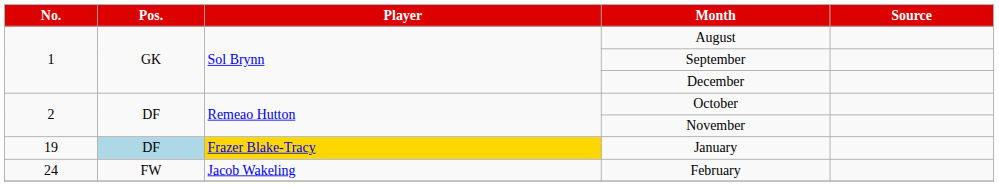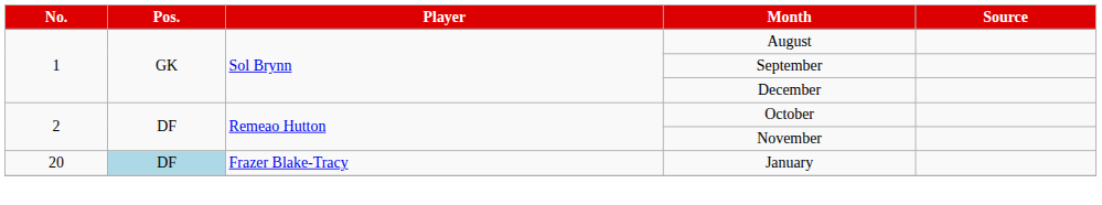 <table class="wikitable" style="text-align:center;width:90%;">
 <tr>
 <th style="background:#DD0000;color:#fff;">No.</th>
 <th style="background:#DD0000;color:#fff;">Pos.</th>
 <th style="background:#DD0000;color:#fff;">Player</th>
 <th style="background:#DD0000;color:#fff;">Month</th>
 <th style="background:#DD0000;color:#fff;">Source</th>
 </tr>
 <tr>
 <td rowspan=3>1</td>
 <td rowspan=3>GK</td>
 <td rowspan=3; align=left> <a href='#'>Sol Brynn</a></td>
 <td>August</td>
 <td></td>
 </tr>
 <tr>
 <td>September</td>
 <td></td>
 </tr>
 <tr>
 <td>December</td>
 <td></td>
 </tr>
 <tr>
 <td rowspan=2>2</td>
 <td rowspan=2>DF</td>
 <td rowspan=2; align=left> <a href='#'>Remeao Hutton</a></td>
 <td>October</td>
 <td></td>
 </tr>
 <tr>
 <td>November</td>
 <td></td>
 </tr>
 <tr>
-<td rowspan=1>19</td>
+<td rowspan=1>20</td>
 <td rowspan=1 style="background: lightblue;">DF</td>
-<td rowspan=1; align=left style="background: gold;"> <a href='#'>Frazer Blake-Tracy</a></td>
+<td rowspan=1; align=left> <a href='#'>Frazer Blake-Tracy</a></td>
 <td>January</td>
-<td></td>
-</tr>
-<tr>
-<td rowspan=1>24</td>
-<td rowspan=1>FW</td>
-<td rowspan=1; align=left> <a href='#'>Jacob Wakeling</a></td>
-<td>February</td>
 <td></td>
 </tr>
 <tr>
 </tr>
 </table>
